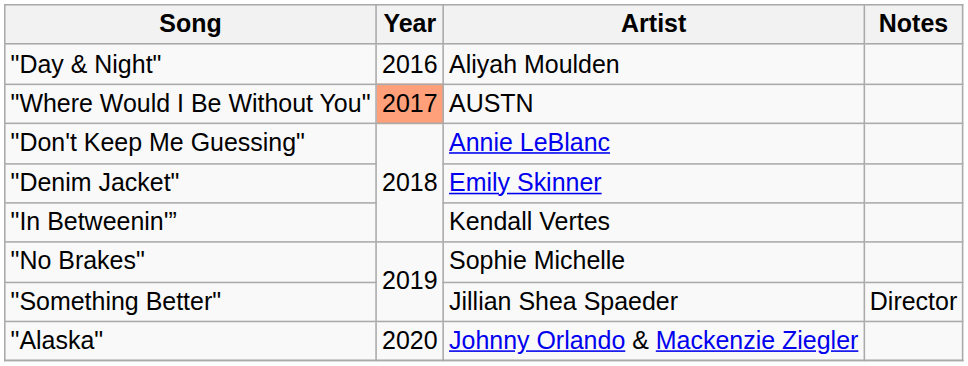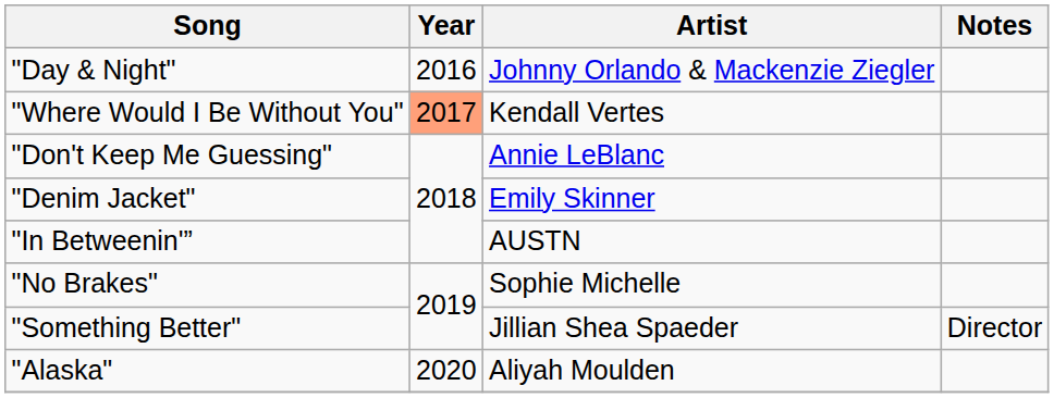 <table class="wikitable sortable">
 <tr>
 <th>Song</th>
 <th>Year</th>
 <th>Artist</th>
 <th class="unsortable">Notes</th>
 </tr>
 <tr>
 <td>"Day & Night"</td>
 <td>2016</td>
-<td>Aliyah Moulden</td>
+<td><a href='#'>Johnny Orlando</a> & <a href='#'>Mackenzie Ziegler</a></td>
 <td></td>
 </tr>
 <tr>
 <td>"Where Would I Be Without You"</td>
 <td style="background: lightsalmon;">2017</td>
-<td>AUSTN</td>
+<td>Kendall Vertes</td>
 <td></td>
 </tr>
 <tr>
 <td>"Don't Keep Me Guessing"</td>
 <td rowspan="3">2018</td>
 <td><a href='#'>Annie LeBlanc</a></td>
 <td></td>
 </tr>
 <tr>
 <td>"Denim Jacket"</td>
 <td><a href='#'>Emily Skinner</a></td>
 <td></td>
 </tr>
 <tr>
 <td>"In Betweenin'”</td>
-<td>Kendall Vertes</td>
+<td>AUSTN</td>
 <td></td>
 </tr>
 <tr>
 <td>"No Brakes"</td>
 <td rowspan="2">2019</td>
 <td>Sophie Michelle</td>
 <td></td>
 </tr>
 <tr>
 <td>"Something Better"</td>
 <td>Jillian Shea Spaeder</td>
 <td>Director</td>
 </tr>
 <tr>
 <td>"Alaska"</td>
 <td>2020</td>
-<td><a href='#'>Johnny Orlando</a> & <a href='#'>Mackenzie Ziegler</a></td>
+<td>Aliyah Moulden</td>
 <td></td>
 </tr>
 <tr>
 </tr>
 </table>
